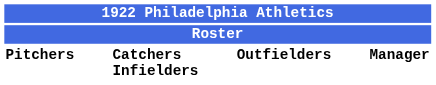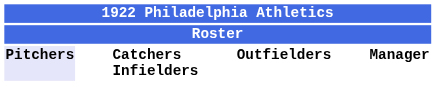 <table class="toccolours" style="font-size: 95%;">
 <tr>
 <th colspan="10" style="background-color: #4169e1; color: white; text-align: center;">1922 Philadelphia Athletics</th>
 </tr>
 <tr>
 <td colspan="10" style="background-color: #4169e1; color: white; text-align: center;"><strong>Roster</strong></td>
 </tr>
 <tr>
-<td valign="top"><strong>Pitchers</strong><br>             </td>
+<td valign="top" style="background: lavender;"><strong>Pitchers</strong><br>             </td>
 <td width="25px"></td>
 <td valign="top"><strong>Catchers</strong><br>    <strong>Infielders</strong>         </td>
 <td width="25px"></td>
 <td valign="top"><strong>Outfielders</strong><br>   </td>
 <td width="25px"></td>
 <td valign="top"><strong>Manager</strong><br></td>
 </tr>
 </table>
